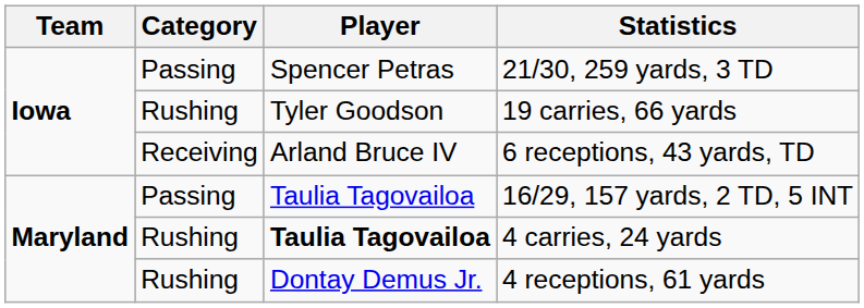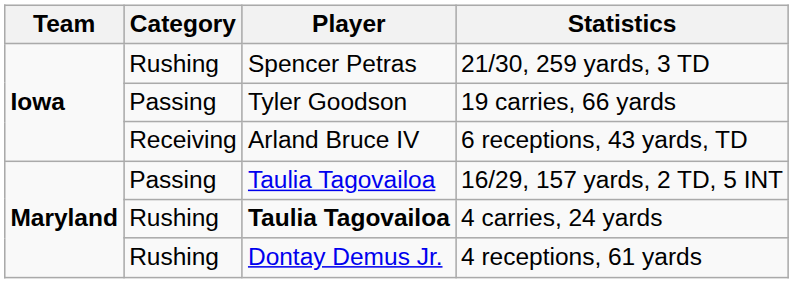 <table class="wikitable" style="float: left;">
 <tr>
 <th>Team</th>
 <th>Category</th>
 <th>Player</th>
 <th>Statistics</th>
 </tr>
 <tr>
 <td rowspan=3><strong>Iowa</strong></td>
-<td>Passing</td>
+<td>Rushing</td>
 <td>Spencer Petras</td>
 <td>21/30, 259 yards, 3 TD</td>
 </tr>
 <tr>
-<td>Rushing</td>
+<td>Passing</td>
 <td>Tyler Goodson</td>
 <td>19 carries, 66 yards</td>
 </tr>
 <tr>
 <td>Receiving</td>
 <td>Arland Bruce IV</td>
 <td>6 receptions, 43 yards, TD</td>
 </tr>
 <tr>
 <td rowspan=3><strong>Maryland</strong></td>
 <td>Passing</td>
 <td><a href='#'>Taulia Tagovailoa</a></td>
 <td>16/29, 157 yards, 2 TD, 5 INT</td>
 </tr>
 <tr>
 <td>Rushing</td>
 <td><strong>Taulia Tagovailoa</strong></td>
 <td>4 carries, 24 yards</td>
 </tr>
 <tr>
 <td>Rushing</td>
 <td><a href='#'>Dontay Demus Jr.</a></td>
 <td>4 receptions, 61 yards</td>
 </tr>
 </table>
